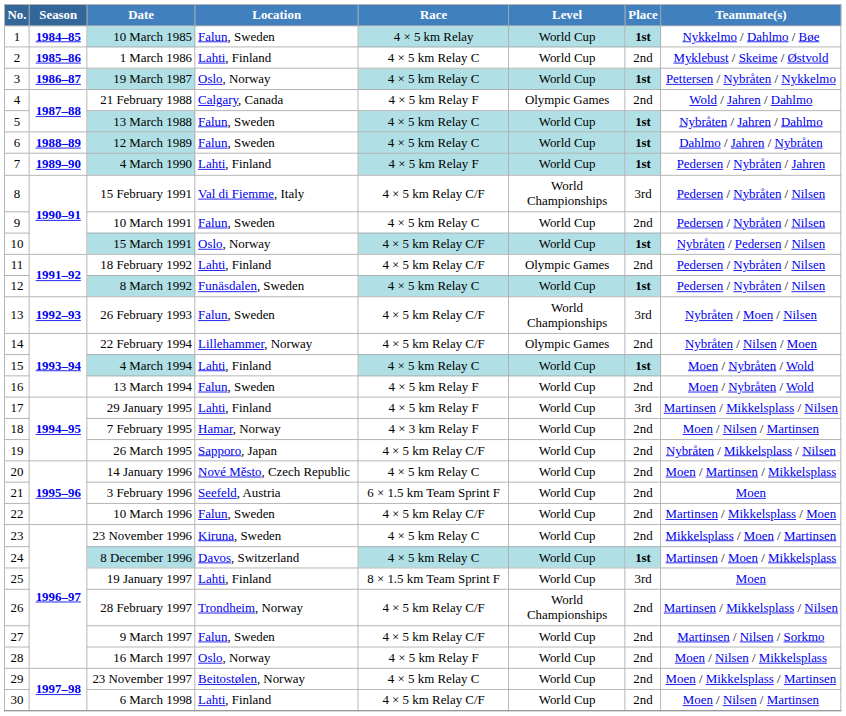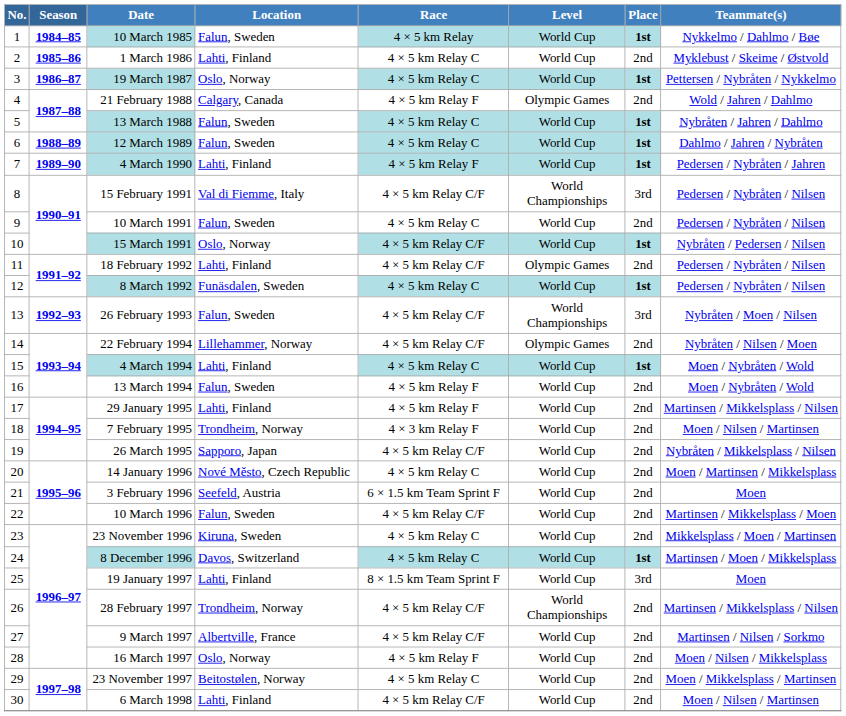 <table class="wikitable sortable" style="font-size:95%; text-align:center; border:grey solid 1px; border-collapse:collapse; background:#ffffff;">
 <tr style="background:#efefef;">
 <th style="background-color:#369; color:white;">No.</th>
 <th style="background-color:#369; color:white;">Season</th>
 <th style="background-color:#4180be; color:white; width:120px;">Date</th>
 <th style="background-color:#4180be; color:white; width:185px;">Location</th>
 <th style="background-color:#4180be; color:white; width:170px;">Race</th>
 <th style="background-color:#4180be; color:white; width:130px;">Level</th>
 <th style="background-color:#4180be; color:white;">Place</th>
 <th style="background-color:#4180be; color:white;">Teammate(s)</th>
 </tr>
 <tr>
 <td align=center>1</td>
 <td rowspan=1 align=center><strong><a href='#'>1984–85</a></strong></td>
 <td bgcolor="#BOEOE6" align=right>10 March 1985</td>
 <td align=left> <a href='#'>Falun</a>, Sweden</td>
 <td bgcolor="#BOEOE6">4 × 5 km Relay</td>
 <td bgcolor="#BOEOE6">World Cup</td>
 <td bgcolor="#BOEOE6"><strong>1st</strong></td>
 <td><a href='#'>Nykkelmo</a> / <a href='#'>Dahlmo</a> / <a href='#'>Bøe</a></td>
 </tr>
 <tr>
 <td align=center>2</td>
 <td rowspan=1 align=center><strong> <a href='#'>1985–86</a> </strong></td>
 <td align=right>1 March 1986</td>
 <td align=left> <a href='#'>Lahti</a>, Finland</td>
 <td>4 × 5 km Relay C</td>
 <td>World Cup</td>
 <td>2nd</td>
 <td><a href='#'>Myklebust</a> / <a href='#'>Skeime</a> / <a href='#'>Østvold</a></td>
 </tr>
 <tr>
 <td align=center>3</td>
 <td rowspan=1 align=center><strong><a href='#'>1986–87</a></strong></td>
 <td bgcolor="#BOEOE6" align=right>19 March 1987</td>
 <td align=left> <a href='#'>Oslo</a>, Norway</td>
 <td bgcolor="#BOEOE6">4 × 5 km Relay C</td>
 <td bgcolor="#BOEOE6">World Cup</td>
 <td bgcolor="#BOEOE6"><strong>1st</strong></td>
 <td><a href='#'>Pettersen</a> / <a href='#'>Nybråten</a> / <a href='#'>Nykkelmo</a></td>
 </tr>
 <tr>
 <td align=center>4</td>
 <td rowspan=2 align=center><strong> <a href='#'>1987–88</a> </strong></td>
 <td align=right>21 February 1988</td>
 <td align=left> <a href='#'>Calgary</a>, Canada</td>
 <td>4 × 5 km Relay F</td>
 <td>Olympic Games</td>
 <td>2nd</td>
 <td><a href='#'>Wold</a> / <a href='#'>Jahren</a> / <a href='#'>Dahlmo</a></td>
 </tr>
 <tr>
 <td align=center>5</td>
 <td bgcolor="#BOEOE6" align=right>13 March 1988</td>
 <td align=left> <a href='#'>Falun</a>, Sweden</td>
 <td bgcolor="#BOEOE6">4 × 5 km Relay C</td>
 <td bgcolor="#BOEOE6">World Cup</td>
 <td bgcolor="#BOEOE6"><strong>1st</strong></td>
 <td><a href='#'>Nybråten</a> / <a href='#'>Jahren</a> / <a href='#'>Dahlmo</a></td>
 </tr>
 <tr>
 <td align=center>6</td>
 <td rowspan=1 align=center><strong><a href='#'>1988–89</a></strong></td>
 <td bgcolor="#BOEOE6" align=right>12 March 1989</td>
 <td align=left> <a href='#'>Falun</a>, Sweden</td>
 <td bgcolor="#BOEOE6">4 × 5 km Relay C</td>
 <td bgcolor="#BOEOE6">World Cup</td>
 <td bgcolor="#BOEOE6"><strong>1st</strong></td>
 <td><a href='#'>Dahlmo</a> / <a href='#'>Jahren</a> / <a href='#'>Nybråten</a></td>
 </tr>
 <tr>
 <td align=center>7</td>
 <td rowspan=1 align=center><strong><a href='#'>1989–90</a></strong></td>
 <td bgcolor="#BOEOE6" align=right>4 March 1990</td>
 <td align=left> <a href='#'>Lahti</a>, Finland</td>
 <td bgcolor="#BOEOE6">4 × 5 km Relay F</td>
 <td bgcolor="#BOEOE6">World Cup</td>
 <td bgcolor="#BOEOE6"><strong>1st</strong></td>
 <td><a href='#'>Pedersen</a> / <a href='#'>Nybråten</a> / <a href='#'>Jahren</a></td>
 </tr>
 <tr>
 <td align=center>8</td>
 <td rowspan=3 align=center><strong> <a href='#'>1990–91</a> </strong></td>
 <td align=right>15 February 1991</td>
 <td align=left> <a href='#'>Val di Fiemme</a>, Italy</td>
 <td>4 × 5 km Relay C/F</td>
 <td>World Championships</td>
 <td>3rd</td>
 <td><a href='#'>Pedersen</a> / <a href='#'>Nybråten</a> / <a href='#'>Nilsen</a></td>
 </tr>
 <tr>
 <td align=center>9</td>
 <td align=right>10 March 1991</td>
 <td align=left> <a href='#'>Falun</a>, Sweden</td>
 <td>4 × 5 km Relay C</td>
 <td>World Cup</td>
 <td>2nd</td>
 <td><a href='#'>Pedersen</a> / <a href='#'>Nybråten</a> / <a href='#'>Nilsen</a></td>
 </tr>
 <tr>
 <td align=center>10</td>
 <td bgcolor="#BOEOE6" align=right>15 March 1991</td>
 <td align=left> <a href='#'>Oslo</a>, Norway</td>
 <td bgcolor="#BOEOE6">4 × 5 km Relay C/F</td>
 <td bgcolor="#BOEOE6">World Cup</td>
 <td bgcolor="#BOEOE6"><strong>1st</strong></td>
 <td><a href='#'>Nybråten</a> / <a href='#'>Pedersen</a> / <a href='#'>Nilsen</a></td>
 </tr>
 <tr>
 <td align=center>11</td>
 <td rowspan=2 align=center><strong> <a href='#'>1991–92</a> </strong></td>
 <td align=right>18 February 1992</td>
 <td align=left> <a href='#'>Lahti</a>, Finland</td>
 <td>4 × 5 km Relay C/F</td>
 <td>Olympic Games</td>
 <td>2nd</td>
 <td><a href='#'>Pedersen</a> / <a href='#'>Nybråten</a> / <a href='#'>Nilsen</a></td>
 </tr>
 <tr>
 <td align=center>12</td>
 <td bgcolor="#BOEOE6" align=right>8 March 1992</td>
 <td align=left> <a href='#'>Funäsdalen</a>, Sweden</td>
 <td bgcolor="#BOEOE6">4 × 5 km Relay C</td>
 <td bgcolor="#BOEOE6">World Cup</td>
 <td bgcolor="#BOEOE6"><strong>1st</strong></td>
 <td><a href='#'>Pedersen</a> / <a href='#'>Nybråten</a> / <a href='#'>Nilsen</a></td>
 </tr>
 <tr>
 <td align=center>13</td>
 <td rowspan=1 align=center><strong> <a href='#'>1992–93</a> </strong></td>
 <td align=right>26 February 1993</td>
 <td align=left> <a href='#'>Falun</a>, Sweden</td>
 <td>4 × 5 km Relay C/F</td>
 <td>World Championships</td>
 <td>3rd</td>
 <td><a href='#'>Nybråten</a> / <a href='#'>Moen</a> / <a href='#'>Nilsen</a></td>
 </tr>
 <tr>
 <td align=center>14</td>
 <td rowspan=3 align=center><strong> <a href='#'>1993–94</a> </strong></td>
 <td align=right>22 February 1994</td>
 <td align=left> <a href='#'>Lillehammer</a>, Norway</td>
 <td>4 × 5 km Relay C/F</td>
 <td>Olympic Games</td>
 <td>2nd</td>
 <td><a href='#'>Nybråten</a> / <a href='#'>Nilsen</a> / <a href='#'>Moen</a></td>
 </tr>
 <tr>
 <td align=center>15</td>
 <td bgcolor="#BOEOE6" align=right>4 March 1994</td>
 <td align=left> <a href='#'>Lahti</a>, Finland</td>
 <td bgcolor="#BOEOE6">4 × 5 km Relay C</td>
 <td bgcolor="#BOEOE6">World Cup</td>
 <td bgcolor="#BOEOE6"><strong>1st</strong></td>
 <td><a href='#'>Moen</a> / <a href='#'>Nybråten</a> / <a href='#'>Wold</a></td>
 </tr>
 <tr>
 <td align=center>16</td>
 <td align=right>13 March 1994</td>
 <td align=left> <a href='#'>Falun</a>, Sweden</td>
 <td>4 × 5 km Relay F</td>
 <td>World Cup</td>
 <td>2nd</td>
 <td><a href='#'>Moen</a> / <a href='#'>Nybråten</a> / <a href='#'>Wold</a></td>
 </tr>
 <tr>
 <td align=center>17</td>
 <td rowspan=3 align=center><strong> <a href='#'>1994–95</a> </strong></td>
 <td align=right>29 January 1995</td>
 <td align=left> <a href='#'>Lahti</a>, Finland</td>
 <td>4 × 5 km Relay F</td>
 <td>World Cup</td>
-<td>3rd</td>
+<td>2nd</td>
 <td><a href='#'>Martinsen</a> / <a href='#'>Mikkelsplass</a> / <a href='#'>Nilsen</a></td>
 </tr>
 <tr>
 <td align=center>18</td>
 <td align=right>7 February 1995</td>
-<td align=left> <a href='#'>Hamar</a>, Norway</td>
+<td align=left> <a href='#'>Trondheim</a>, Norway</td>
 <td>4 × 3 km Relay F</td>
 <td>World Cup</td>
 <td>2nd</td>
 <td><a href='#'>Moen</a> / <a href='#'>Nilsen</a> / <a href='#'>Martinsen</a></td>
 </tr>
 <tr>
 <td align=center>19</td>
 <td align=right>26 March 1995</td>
 <td align=left> <a href='#'>Sapporo</a>, Japan</td>
 <td>4 × 5 km Relay C/F</td>
 <td>World Cup</td>
 <td>2nd</td>
 <td><a href='#'>Nybråten</a> / <a href='#'>Mikkelsplass</a> / <a href='#'>Nilsen</a></td>
 </tr>
 <tr>
 <td align=center>20</td>
 <td rowspan=3 align=center><strong> <a href='#'>1995–96</a> </strong></td>
 <td align=right>14 January 1996</td>
 <td align=left> <a href='#'>Nové Město</a>, Czech Republic</td>
 <td>4 × 5 km Relay C</td>
 <td>World Cup</td>
 <td>2nd</td>
 <td><a href='#'>Moen</a> / <a href='#'>Martinsen</a> / <a href='#'>Mikkelsplass</a></td>
 </tr>
 <tr>
 <td align=center>21</td>
 <td align=right>3 February 1996</td>
 <td align=left> <a href='#'>Seefeld</a>, Austria</td>
 <td>6 × 1.5 km Team Sprint F</td>
 <td>World Cup</td>
 <td>2nd</td>
 <td><a href='#'>Moen</a></td>
 </tr>
 <tr>
 <td align=center>22</td>
 <td align=right>10 March 1996</td>
 <td align=left> <a href='#'>Falun</a>, Sweden</td>
 <td>4 × 5 km Relay C/F</td>
 <td>World Cup</td>
 <td>2nd</td>
 <td><a href='#'>Martinsen</a> / <a href='#'>Mikkelsplass</a> / <a href='#'>Moen</a></td>
 </tr>
 <tr>
 <td align=center>23</td>
 <td rowspan=6 align=center><strong> <a href='#'>1996–97</a> </strong></td>
 <td align=right>23 November 1996</td>
 <td align=left> <a href='#'>Kiruna</a>, Sweden</td>
 <td>4 × 5 km Relay C</td>
 <td>World Cup</td>
 <td>2nd</td>
 <td><a href='#'>Mikkelsplass</a> / <a href='#'>Moen</a> / <a href='#'>Martinsen</a></td>
 </tr>
 <tr>
 <td align=center>24</td>
 <td bgcolor="#BOEOE6" align=right>8 December 1996</td>
 <td align=left> <a href='#'>Davos</a>, Switzerland</td>
 <td bgcolor="#BOEOE6">4 × 5 km Relay C</td>
 <td bgcolor="#BOEOE6">World Cup</td>
 <td bgcolor="#BOEOE6"><strong>1st</strong></td>
 <td><a href='#'>Martinsen</a> / <a href='#'>Moen</a> / <a href='#'>Mikkelsplass</a></td>
 </tr>
 <tr>
 <td align=center>25</td>
 <td align=right>19 January 1997</td>
 <td align=left> <a href='#'>Lahti</a>, Finland</td>
 <td>8 × 1.5 km Team Sprint F</td>
 <td>World Cup</td>
 <td>3rd</td>
 <td><a href='#'>Moen</a></td>
 </tr>
 <tr>
 <td align=center>26</td>
 <td align=right>28 February 1997</td>
 <td align=left> <a href='#'>Trondheim</a>, Norway</td>
 <td>4 × 5 km Relay C/F</td>
 <td>World Championships</td>
 <td>2nd</td>
 <td><a href='#'>Martinsen</a> / <a href='#'>Mikkelsplass</a> / <a href='#'>Nilsen</a></td>
 </tr>
 <tr>
 <td align=center>27</td>
 <td align=right>9 March 1997</td>
-<td align=left> <a href='#'>Falun</a>, Sweden</td>
+<td align=left> <a href='#'>Albertville</a>, France</td>
 <td>4 × 5 km Relay C/F</td>
 <td>World Cup</td>
 <td>2nd</td>
 <td><a href='#'>Martinsen</a> / <a href='#'>Nilsen</a> / <a href='#'>Sorkmo</a></td>
 </tr>
 <tr>
 <td align=center>28</td>
 <td align=right>16 March 1997</td>
 <td align=left> <a href='#'>Oslo</a>, Norway</td>
 <td>4 × 5 km Relay F</td>
 <td>World Cup</td>
 <td>2nd</td>
 <td><a href='#'>Moen</a> / <a href='#'>Nilsen</a> / <a href='#'>Mikkelsplass</a></td>
 </tr>
 <tr>
 <td align=center>29</td>
 <td rowspan=2 align=center><strong> <a href='#'>1997–98</a> </strong></td>
 <td align=right>23 November 1997</td>
 <td align=left> <a href='#'>Beitostølen</a>, Norway</td>
 <td>4 × 5 km Relay C</td>
 <td>World Cup</td>
 <td>2nd</td>
 <td><a href='#'>Moen</a> / <a href='#'>Mikkelsplass</a> / <a href='#'>Martinsen</a></td>
 </tr>
 <tr>
 <td align=center>30</td>
 <td align=right>6 March 1998</td>
 <td align=left> <a href='#'>Lahti</a>, Finland</td>
 <td>4 × 5 km Relay C/F</td>
 <td>World Cup</td>
 <td>2nd</td>
 <td><a href='#'>Moen</a> / <a href='#'>Nilsen</a> / <a href='#'>Martinsen</a></td>
 </tr>
 <tr>
 </tr>
 </table>
